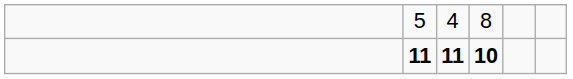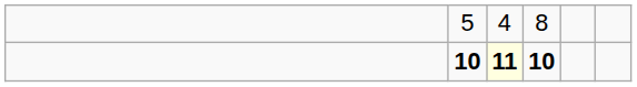 <table class="wikitable">
 <tr>
 <td style="width:18em"></td>
 <td align=center style="width:1em">5</td>
 <td align=center style="width:1em">4</td>
 <td align=center style="width:1em">8</td>
 <td align=center style="width:1em"></td>
 <td align=center style="width:1em"></td>
 </tr>
 <tr>
 <td style="width:18em"><strong> </strong></td>
-<td align=center style="width:1em"><strong>11</strong></td>
-<td align=center style="width:1em"><strong>11</strong></td>
+<td align=center style="width:1em"><strong>10</strong></td>
+<td align=center style="background: lightyellow; width:1em"><strong>11</strong></td>
 <td align=center style="width:1em"><strong>10</strong></td>
 <td align=center style="width:1em"></td>
 <td align=center style="width:1em"></td>
 </tr>
 </table>
